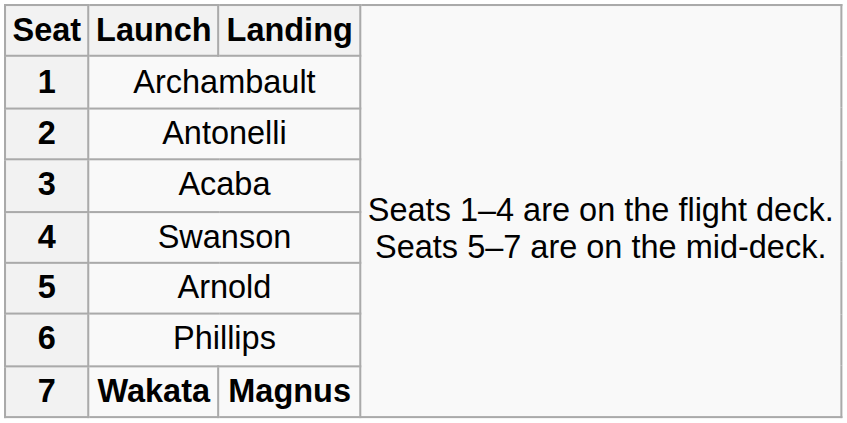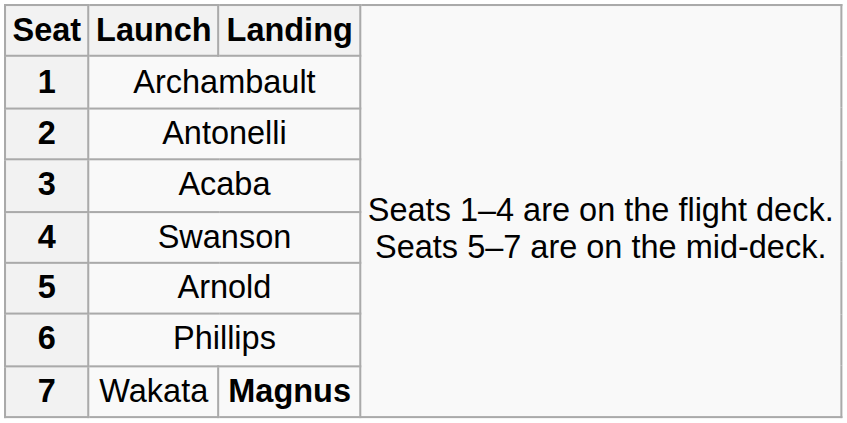 <table class="wikitable" style="text-align:center">
 <tr>
 <th>Seat</th>
 <th>Launch</th>
 <th>Landing</th>
 <td rowspan=8><br>Seats 1–4 are on the flight deck.<br>Seats 5–7 are on the mid-deck.</td>
 </tr>
 <tr>
 <th>1</th>
 <td colspan=2>Archambault</td>
 </tr>
 <tr>
 <th>2</th>
 <td colspan=2>Antonelli</td>
 </tr>
 <tr>
 <th>3</th>
 <td colspan=2>Acaba</td>
 </tr>
 <tr>
 <th>4</th>
 <td colspan=2>Swanson</td>
 </tr>
 <tr>
 <th>5</th>
 <td colspan=2>Arnold</td>
 </tr>
 <tr>
 <th>6</th>
 <td colspan=2>Phillips</td>
 </tr>
 <tr>
 <th>7</th>
-<td><strong>Wakata</strong></td>
+<td>Wakata</td>
 <td><strong>Magnus</strong></td>
 </tr>
 </table>
